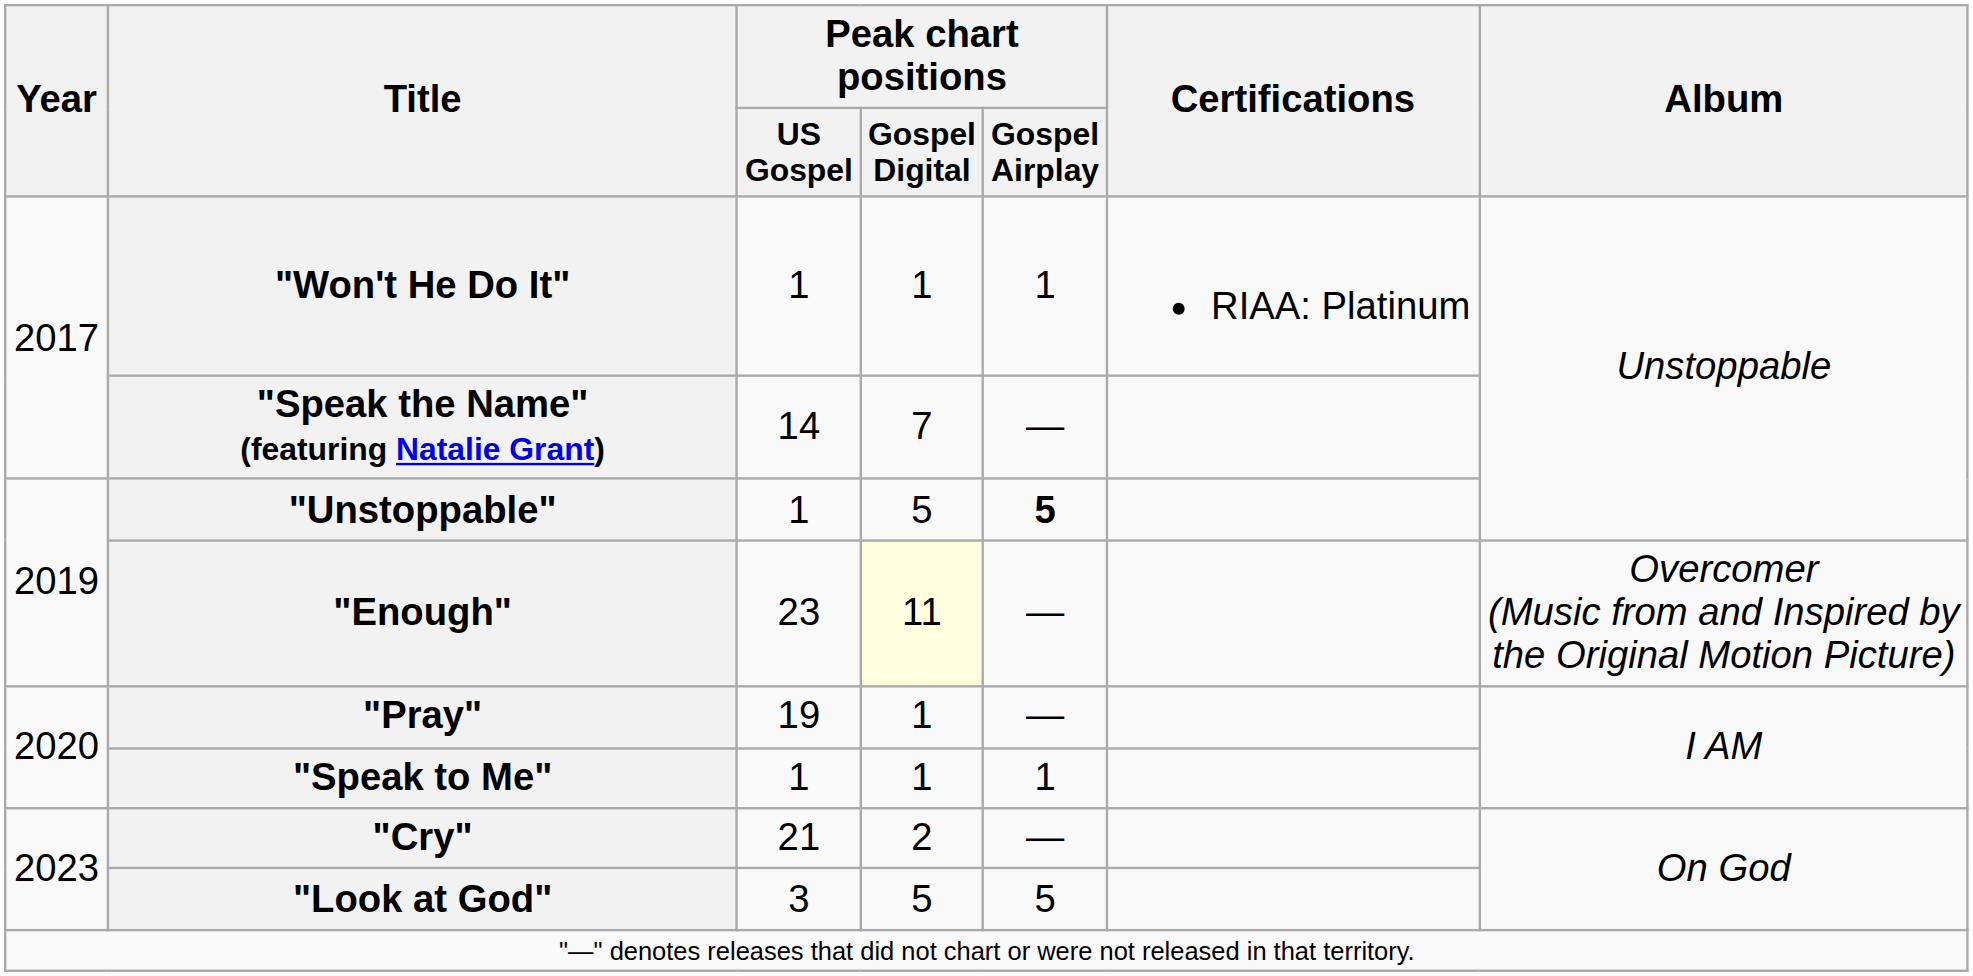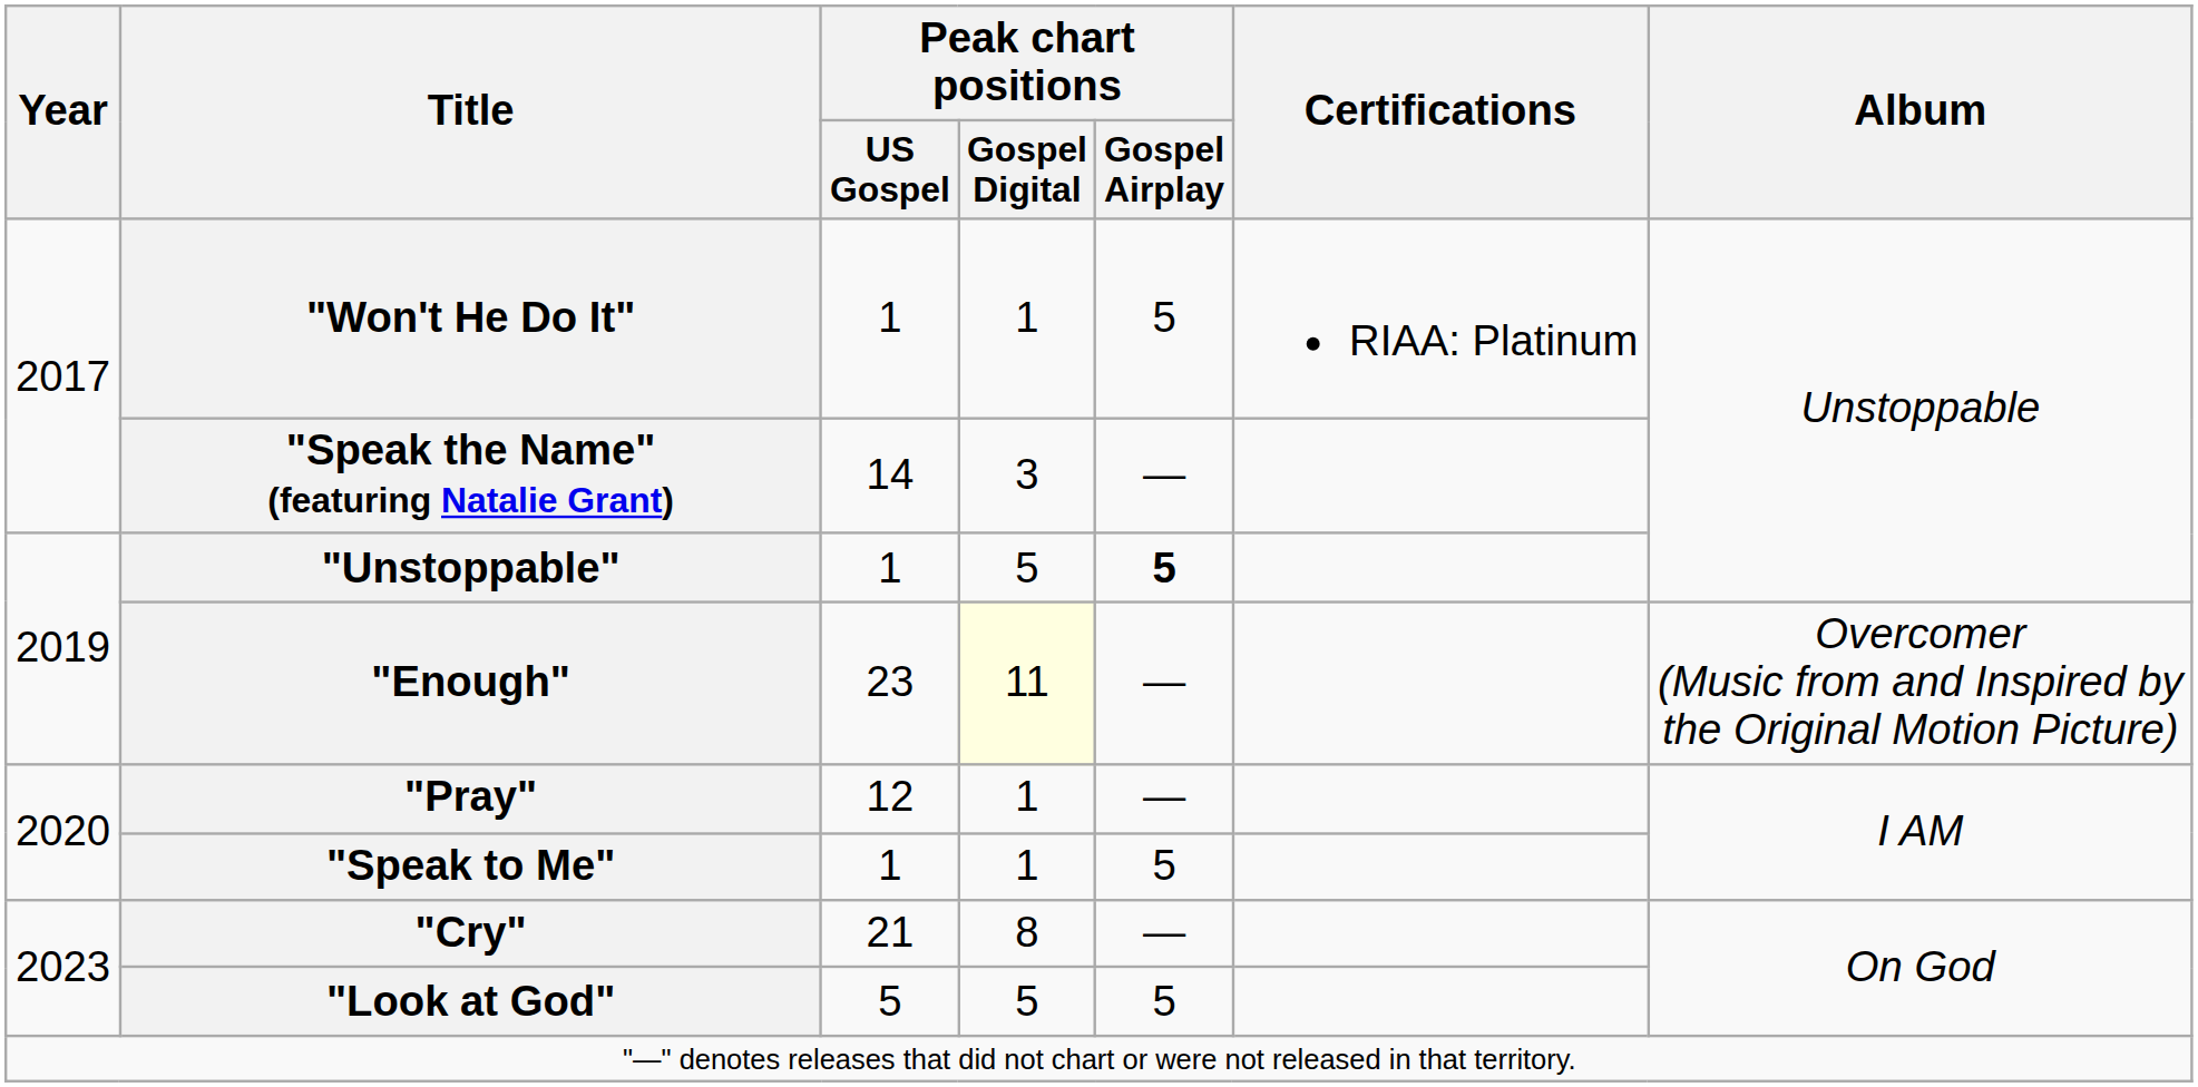 <table class="wikitable plainrowheaders" style="text-align:center;">
 <tr>
 <th rowspan="2">Year</th>
 <th rowspan="2" style="width:16em;">Title</th>
 <th colspan="3">Peak chart positions</th>
 <th rowspan="2">Certifications</th>
 <th rowspan="2">Album</th>
 </tr>
 <tr style="font-size:smaller;">
 <th width="45">US Gospel</th>
 <th width="45">Gospel Digital</th>
 <th width="45">Gospel Airplay</th>
 </tr>
 <tr>
 <td rowspan="2">2017</td>
 <th scope="row">"Won't He Do It"</th>
 <td>1</td>
 <td>1</td>
-<td>1</td>
+<td>5</td>
 <td><br><ul><li>RIAA: Platinum</li></ul></td>
 <td rowspan="3"><em>Unstoppable</em></td>
 </tr>
 <tr>
 <th scope="row">"Speak the Name"<br><small>(featuring <a href='#'>Natalie Grant</a>)</small></th>
 <td>14</td>
-<td>7</td>
+<td>3</td>
 <td>—</td>
 <td></td>
 </tr>
 <tr>
 <td rowspan="2">2019</td>
 <th scope="row">"Unstoppable"</th>
 <td>1</td>
 <td>5</td>
 <td><strong>5</strong></td>
 <td></td>
 </tr>
 <tr>
 <th scope="row">"Enough"</th>
 <td>23</td>
 <td style="background: lightyellow;">11</td>
 <td>—</td>
 <td></td>
 <td><em>Overcomer<br>(Music from and Inspired by<br>the Original Motion Picture)</em></td>
 </tr>
 <tr>
 <td rowspan="2">2020</td>
 <th scope="row">"Pray"</th>
-<td>19</td>
+<td>12</td>
 <td>1</td>
 <td>—</td>
 <td></td>
 <td rowspan="2"><em>I AM</em></td>
 </tr>
 <tr>
 <th scope="row">"Speak to Me"</th>
 <td>1</td>
 <td>1</td>
-<td>1</td>
+<td>5</td>
 <td></td>
 </tr>
 <tr>
 <td rowspan="2”">2023</td>
 <th scope="row">"Cry"</th>
 <td>21</td>
-<td>2</td>
+<td>8</td>
 <td>—</td>
 <td></td>
 <td rowspan="2”"><em>On God</em></td>
 </tr>
 <tr>
 <th scope="row">"Look at God"</th>
-<td>3</td>
+<td>5</td>
 <td>5</td>
 <td>5</td>
 </tr>
 <tr>
 <td align="center" colspan="14" style="font-size:8pt">"—" denotes releases that did not chart or were not released in that territory.</td>
 </tr>
 </table>
